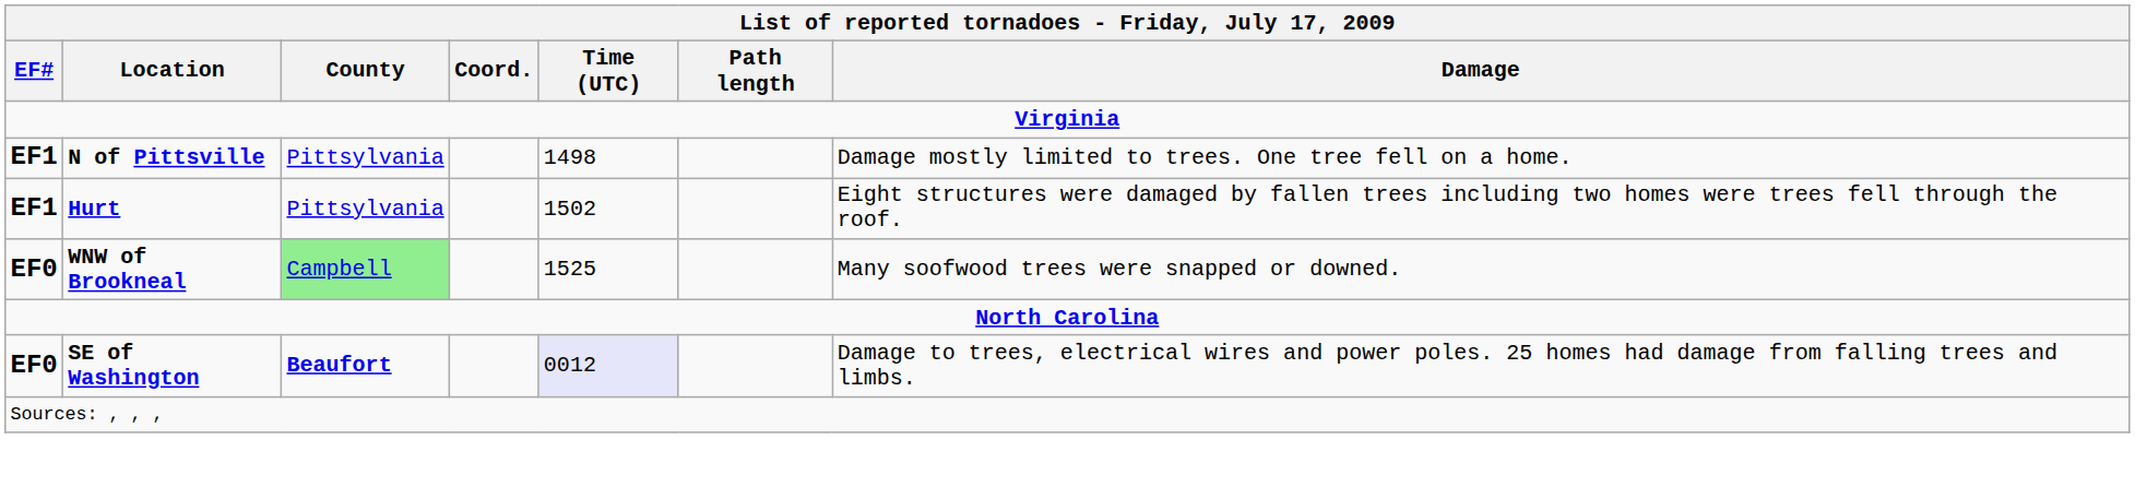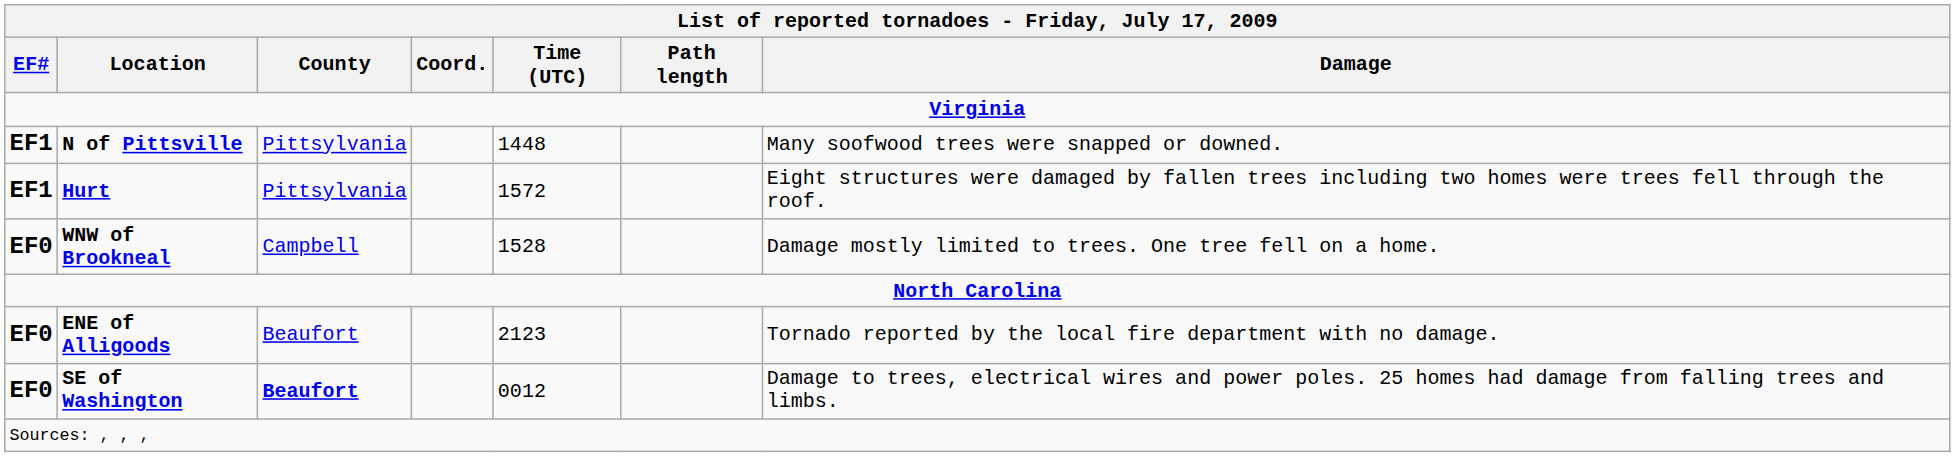 <table class="wikitable collapsible" style="width:100%;">
 <tr>
 <th colspan="7">List of reported tornadoes - Friday, July 17, 2009</th>
 </tr>
 <tr>
 <th><a href='#'>EF#</a></th>
 <th>Location</th>
 <th>County</th>
 <th>Coord.</th>
 <th>Time (UTC)</th>
 <th>Path length</th>
 <th>Damage</th>
 </tr>
 <tr>
 <td colspan="7" style="text-align:center;"><strong><a href='#'>Virginia</a></strong></td>
 </tr>
 <tr>
 <td><big><strong>EF1</strong></big></td>
 <td><strong>N of <a href='#'>Pittsville</a></strong></td>
 <td><a href='#'>Pittsylvania</a></td>
 <td></td>
-<td>1498</td>
+<td>1448</td>
 <td></td>
-<td>Damage mostly limited to trees. One tree fell on a home.</td>
+<td>Many soofwood trees were snapped or downed.</td>
 </tr>
 <tr>
 <td><big><strong>EF1</strong></big></td>
 <td><strong><a href='#'>Hurt</a></strong></td>
 <td><a href='#'>Pittsylvania</a></td>
 <td></td>
-<td>1502</td>
+<td>1572</td>
 <td></td>
 <td>Eight structures were damaged by fallen trees including two homes were trees fell through the roof.</td>
 </tr>
 <tr>
 <td><big><strong>EF0</strong></big></td>
 <td><strong>WNW of <a href='#'>Brookneal</a></strong></td>
-<td style="background: lightgreen;"><a href='#'>Campbell</a></td>
+<td><a href='#'>Campbell</a></td>
 <td></td>
-<td>1525</td>
+<td>1528</td>
 <td></td>
-<td>Many soofwood trees were snapped or downed.</td>
+<td>Damage mostly limited to trees. One tree fell on a home.</td>
 </tr>
 <tr>
 <td colspan="7" style="text-align:center;"><strong><a href='#'>North Carolina</a></strong></td>
 </tr>
 <tr>
 <td><big><strong>EF0</strong></big></td>
+<td><strong>ENE of <a href='#'>Alligoods</a></strong></td>
+<td><a href='#'>Beaufort</a></td>
+<td></td>
+<td>2123</td>
+<td></td>
+<td>Tornado reported by the local fire department with no damage.</td>
+</tr>
+<tr>
+<td><big><strong>EF0</strong></big></td>
 <td><strong>SE of <a href='#'>Washington</a></strong></td>
 <td><strong><a href='#'>Beaufort</a></strong></td>
 <td></td>
-<td style="background: lavender;">0012</td>
+<td>0012</td>
 <td></td>
 <td>Damage to trees, electrical wires and power poles. 25 homes had damage from falling trees and limbs.</td>
 </tr>
 <tr>
 <td colspan="7"><small>Sources: , , , </small></td>
 </tr>
 </table>
